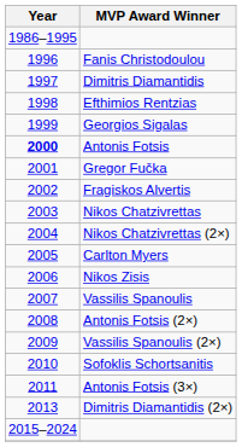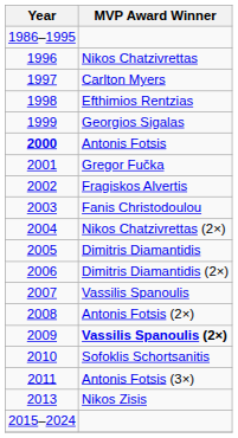 <table class=wikitable>
 <tr>
 <th>Year</th>
 <th>MVP Award Winner</th>
 </tr>
 <tr>
 <td style="text-align: center;"><a href='#'>1986</a>–<a href='#'>1995</a></td>
 <td></td>
 </tr>
 <tr>
 <td style="text-align: center;"><a href='#'>1996</a></td>
-<td> <a href='#'>Fanis Christodoulou</a></td>
+<td> <a href='#'>Nikos Chatzivrettas</a></td>
 </tr>
 <tr>
 <td style="text-align: center;"><a href='#'>1997</a></td>
-<td> <a href='#'>Dimitris Diamantidis</a></td>
+<td> <a href='#'>Carlton Myers</a></td>
 </tr>
 <tr>
 <td style="text-align: center;"><a href='#'>1998</a></td>
 <td> <a href='#'>Efthimios Rentzias</a></td>
 </tr>
 <tr>
 <td style="text-align: center;"><a href='#'>1999</a></td>
 <td> <a href='#'>Georgios Sigalas</a></td>
 </tr>
 <tr>
 <td style="text-align: center;"><strong><a href='#'>2000</a></strong></td>
 <td> <a href='#'>Antonis Fotsis</a></td>
 </tr>
 <tr>
 <td style="text-align: center;"><a href='#'>2001</a></td>
 <td> <a href='#'>Gregor Fučka</a></td>
 </tr>
 <tr>
 <td style="text-align: center;"><a href='#'>2002</a></td>
 <td> <a href='#'>Fragiskos Alvertis</a></td>
 </tr>
 <tr>
 <td style="text-align: center;"><a href='#'>2003</a></td>
-<td> <a href='#'>Nikos Chatzivrettas</a></td>
+<td> <a href='#'>Fanis Christodoulou</a></td>
 </tr>
 <tr>
 <td style="text-align: center;"><a href='#'>2004</a></td>
 <td> <a href='#'>Nikos Chatzivrettas</a> (2×)</td>
 </tr>
 <tr>
 <td style="text-align: center;"><a href='#'>2005</a></td>
-<td> <a href='#'>Carlton Myers</a></td>
+<td> <a href='#'>Dimitris Diamantidis</a></td>
 </tr>
 <tr>
 <td style="text-align: center;"><a href='#'>2006</a></td>
-<td> <a href='#'>Nikos Zisis</a></td>
+<td> <a href='#'>Dimitris Diamantidis</a> (2×)</td>
 </tr>
 <tr>
 <td style="text-align: center;"><a href='#'>2007</a></td>
 <td> <a href='#'>Vassilis Spanoulis</a></td>
 </tr>
 <tr>
 <td style="text-align: center;"><a href='#'>2008</a></td>
 <td> <a href='#'>Antonis Fotsis</a> (2×)</td>
 </tr>
 <tr>
 <td style="text-align: center;"><a href='#'>2009</a></td>
-<td> <a href='#'>Vassilis Spanoulis</a> (2×)</td>
+<td><strong> <a href='#'>Vassilis Spanoulis</a> (2×)</strong></td>
 </tr>
 <tr>
 <td style="text-align: center;"><a href='#'>2010</a></td>
 <td> <a href='#'>Sofoklis Schortsanitis</a></td>
 </tr>
 <tr>
 <td style="text-align: center;"><a href='#'>2011</a></td>
 <td> <a href='#'>Antonis Fotsis</a> (3×)</td>
 </tr>
 <tr>
 <td style="text-align: center;"><a href='#'>2013</a></td>
-<td> <a href='#'>Dimitris Diamantidis</a> (2×)</td>
+<td> <a href='#'>Nikos Zisis</a></td>
 </tr>
 <tr>
 <td style="text-align: center;"><a href='#'>2015</a>–<a href='#'>2024</a></td>
 <td></td>
 </tr>
 <tr>
 </tr>
 </table>
